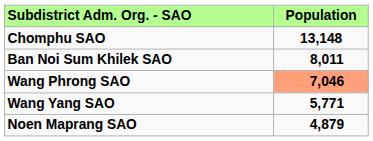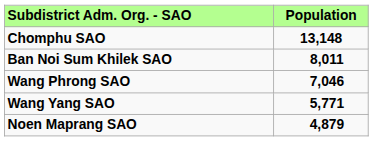 <table class="wikitable" style="width:48%; display:inline-table;">
 <tr>
 <th scope="col" style= "width:74%; background: #b4ff90; text-align:left;"><strong>Subdistrict Adm. Org. - SAO</strong></th>
 <th scope="col" style= "width:26%; background: #b4ff90; text-align:center;"><strong>Population</strong></th>
 </tr>
 <tr>
 <td><strong>Chomphu SAO</strong></td>
 <td style="text-align:center;"><strong>13,148</strong></td>
 </tr>
 <tr>
 <td><strong>Ban Noi Sum Khilek SAO</strong></td>
 <td style="text-align:center;">   <strong>8,011</strong></td>
 </tr>
 <tr>
 <td><strong>Wang Phrong SAO</strong></td>
-<td style="background: lightsalmon; text-align:center;">   <strong>7,046</strong></td>
+<td style="text-align:center;">   <strong>7,046</strong></td>
 </tr>
 <tr>
 <td><strong>Wang Yang SAO</strong></td>
 <td style="text-align:center;">   <strong>5,771</strong></td>
 </tr>
 <tr>
 <td><strong>Noen Maprang SAO</strong></td>
 <td style="text-align:center;">   <strong>4,879</strong></td>
 </tr>
 </table>
